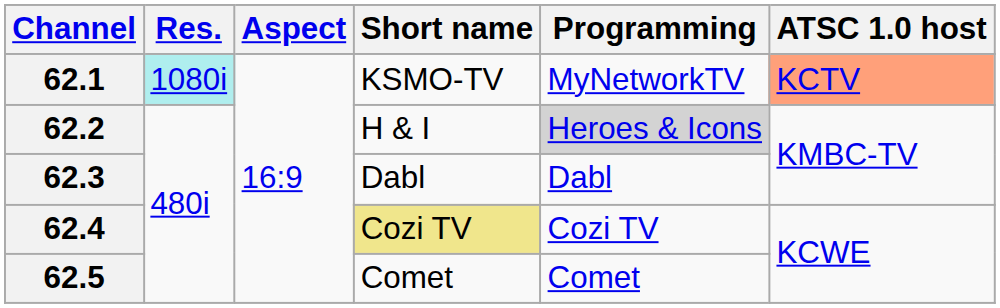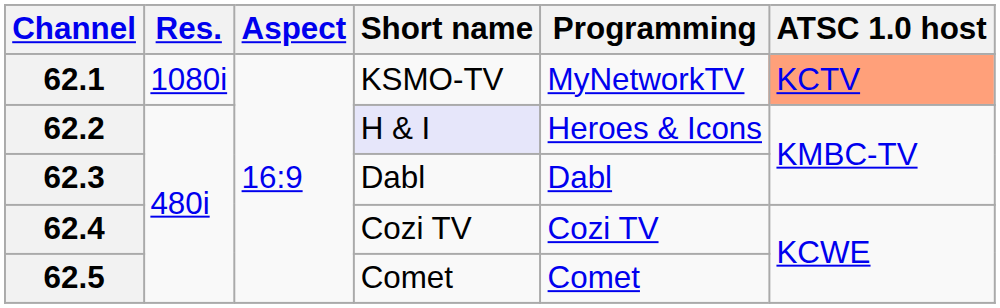 <table class="wikitable">
 <tr>
 <th scope = "col"><a href='#'>Channel</a></th>
 <th scope = "col"><a href='#'>Res.</a></th>
 <th scope = "col"><a href='#'>Aspect</a></th>
 <th scope = "col">Short name</th>
 <th scope = "col">Programming</th>
 <th scope = "col">ATSC 1.0 host</th>
 </tr>
 <tr>
 <th scope = "row">62.1</th>
-<td style="background: paleturquoise;"><a href='#'>1080i</a></td>
+<td><a href='#'>1080i</a></td>
 <td rowspan=5><a href='#'>16:9</a></td>
 <td>KSMO-TV</td>
 <td><a href='#'>MyNetworkTV</a></td>
 <td style="background: lightsalmon;"><a href='#'>KCTV</a></td>
 </tr>
 <tr>
 <th scope = "row">62.2</th>
 <td rowspan=4><a href='#'>480i</a></td>
-<td>H & I</td>
-<td style="background: lightgrey;"><a href='#'>Heroes & Icons</a></td>
+<td style="background: lavender;">H & I</td>
+<td><a href='#'>Heroes & Icons</a></td>
 <td rowspan=2><a href='#'>KMBC-TV</a></td>
 </tr>
 <tr>
 <th scope = "row">62.3</th>
 <td>Dabl</td>
 <td><a href='#'>Dabl</a></td>
 </tr>
 <tr>
 <th scope = "row">62.4</th>
-<td style="background: khaki;">Cozi TV</td>
+<td>Cozi TV</td>
 <td><a href='#'>Cozi TV</a></td>
 <td rowspan=2><a href='#'>KCWE</a></td>
 </tr>
 <tr>
 <th scope = "row">62.5</th>
 <td>Comet</td>
 <td><a href='#'>Comet</a></td>
 </tr>
 </table>
